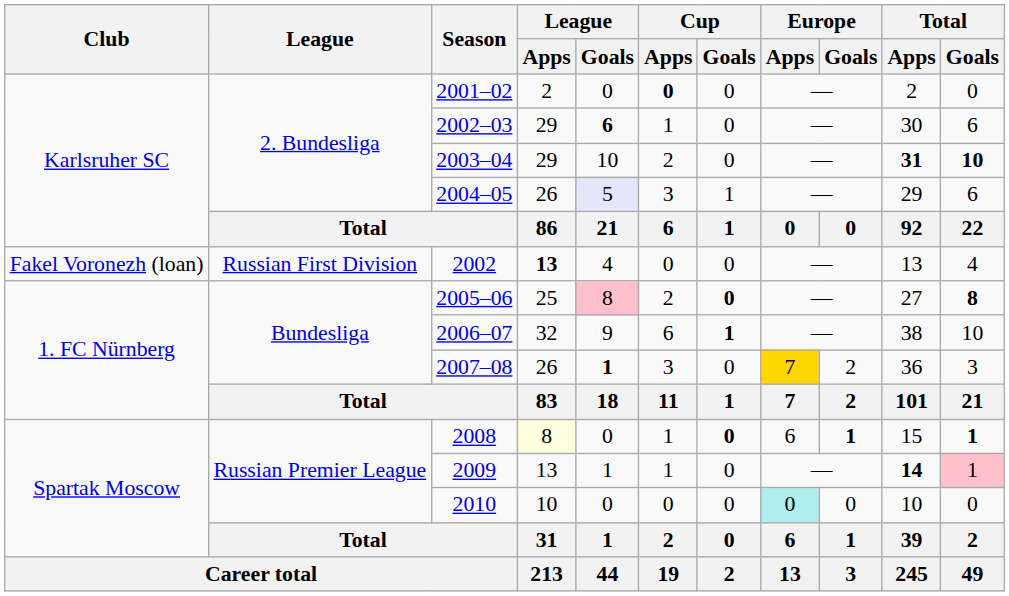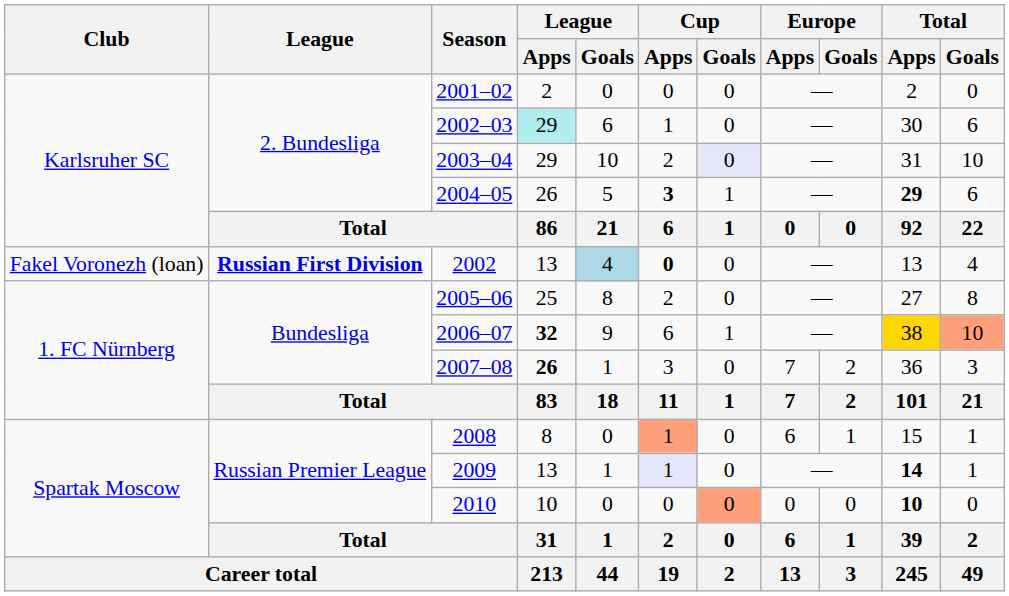 <table class="wikitable" style="text-align:center">
 <tr>
 <th rowspan="2">Club</th>
 <th rowspan="2">League</th>
 <th rowspan="2">Season</th>
 <th colspan="2">League</th>
 <th colspan="2">Cup</th>
 <th colspan="2">Europe</th>
 <th colspan="2">Total</th>
 </tr>
 <tr>
 <th>Apps</th>
 <th>Goals</th>
 <th>Apps</th>
 <th>Goals</th>
 <th>Apps</th>
 <th>Goals</th>
 <th>Apps</th>
 <th>Goals</th>
 </tr>
 <tr>
 <td rowspan="5"><a href='#'>Karlsruher SC</a></td>
 <td rowspan="4"><a href='#'>2. Bundesliga</a></td>
 <td><a href='#'>2001–02</a></td>
 <td>2</td>
 <td>0</td>
-<td><strong>0</strong></td>
+<td>0</td>
 <td>0</td>
 <td colspan="2">—</td>
 <td>2</td>
 <td>0</td>
 </tr>
 <tr>
 <td><a href='#'>2002–03</a></td>
-<td>29</td>
-<td><strong>6</strong></td>
+<td style="background: paleturquoise;">29</td>
+<td>6</td>
 <td>1</td>
 <td>0</td>
 <td colspan="2">—</td>
 <td>30</td>
 <td>6</td>
 </tr>
 <tr>
 <td><a href='#'>2003–04</a></td>
 <td>29</td>
 <td>10</td>
 <td>2</td>
-<td>0</td>
+<td style="background: lavender;">0</td>
 <td colspan="2">—</td>
-<td><strong>31</strong></td>
-<td><strong>10</strong></td>
+<td>31</td>
+<td>10</td>
 </tr>
 <tr>
 <td><a href='#'>2004–05</a></td>
 <td>26</td>
-<td style="background: lavender;">5</td>
-<td>3</td>
+<td>5</td>
+<td><strong>3</strong></td>
 <td>1</td>
 <td colspan="2">—</td>
-<td>29</td>
+<td><strong>29</strong></td>
 <td>6</td>
 </tr>
 <tr>
 <th colspan="2">Total</th>
 <th>86</th>
 <th>21</th>
 <th>6</th>
 <th>1</th>
 <th>0</th>
 <th>0</th>
 <th>92</th>
 <th>22</th>
 </tr>
 <tr>
 <td><a href='#'>Fakel Voronezh</a> (loan)</td>
-<td><a href='#'>Russian First Division</a></td>
+<td><strong><a href='#'>Russian First Division</a></strong></td>
 <td><a href='#'>2002</a></td>
-<td><strong>13</strong></td>
-<td>4</td>
-<td>0</td>
+<td>13</td>
+<td style="background: lightblue;">4</td>
+<td><strong>0</strong></td>
 <td>0</td>
 <td colspan="2">—</td>
 <td>13</td>
 <td>4</td>
 </tr>
 <tr>
 <td rowspan="4"><a href='#'>1. FC Nürnberg</a></td>
 <td rowspan="3"><a href='#'>Bundesliga</a></td>
 <td><a href='#'>2005–06</a></td>
 <td>25</td>
-<td style="background: pink;">8</td>
+<td>8</td>
 <td>2</td>
-<td><strong>0</strong></td>
+<td>0</td>
 <td colspan="2">—</td>
 <td>27</td>
-<td><strong>8</strong></td>
+<td>8</td>
 </tr>
 <tr>
 <td><a href='#'>2006–07</a></td>
-<td>32</td>
+<td><strong>32</strong></td>
 <td>9</td>
 <td>6</td>
-<td><strong>1</strong></td>
+<td>1</td>
 <td colspan="2">—</td>
-<td>38</td>
-<td>10</td>
+<td style="background: gold;">38</td>
+<td style="background: lightsalmon;">10</td>
 </tr>
 <tr>
 <td><a href='#'>2007–08</a></td>
-<td>26</td>
-<td><strong>1</strong></td>
+<td><strong>26</strong></td>
+<td>1</td>
 <td>3</td>
 <td>0</td>
-<td style="background: gold;">7</td>
+<td>7</td>
 <td>2</td>
 <td>36</td>
 <td>3</td>
 </tr>
 <tr>
 <th colspan="2">Total</th>
 <th>83</th>
 <th>18</th>
 <th>11</th>
 <th>1</th>
 <th>7</th>
 <th>2</th>
 <th>101</th>
 <th>21</th>
 </tr>
 <tr>
 <td rowspan="4"><a href='#'>Spartak Moscow</a></td>
 <td rowspan="3"><a href='#'>Russian Premier League</a></td>
 <td><a href='#'>2008</a></td>
-<td style="background: lightyellow;">8</td>
+<td>8</td>
 <td>0</td>
+<td style="background: lightsalmon;">1</td>
+<td>0</td>
+<td>6</td>
 <td>1</td>
-<td><strong>0</strong></td>
-<td>6</td>
-<td><strong>1</strong></td>
 <td>15</td>
-<td><strong>1</strong></td>
+<td>1</td>
 </tr>
 <tr>
 <td><a href='#'>2009</a></td>
 <td>13</td>
 <td>1</td>
-<td>1</td>
+<td style="background: lavender;">1</td>
 <td>0</td>
 <td colspan="2">—</td>
 <td><strong>14</strong></td>
-<td style="background: pink;">1</td>
+<td>1</td>
 </tr>
 <tr>
 <td><a href='#'>2010</a></td>
 <td>10</td>
 <td>0</td>
 <td>0</td>
+<td style="background: lightsalmon;">0</td>
 <td>0</td>
-<td style="background: paleturquoise;">0</td>
 <td>0</td>
-<td>10</td>
+<td><strong>10</strong></td>
 <td>0</td>
 </tr>
 <tr>
 <th colspan="2">Total</th>
 <th>31</th>
 <th>1</th>
 <th>2</th>
 <th>0</th>
 <th>6</th>
 <th>1</th>
 <th>39</th>
 <th>2</th>
 </tr>
 <tr>
 <th colspan="3">Career total</th>
 <th>213</th>
 <th>44</th>
 <th>19</th>
 <th>2</th>
 <th>13</th>
 <th>3</th>
 <th>245</th>
 <th>49</th>
 </tr>
 </table>
